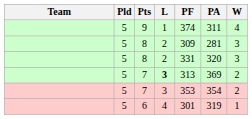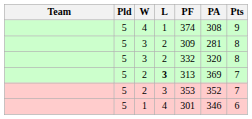 <table class="wikitable" style="text-align:center;">
 <tr>
 <th width=170>Team</th>
 <th width=25>Pld</th>
-<th width=25>Pts</th>
+<th width=25>W</th>
 <th width=25>L</th>
 <th width=35>PF</th>
 <th width=35>PA</th>
-<th width=25>W</th>
+<th width=25>Pts</th>
 </tr>
 <tr bgcolor=#ccffcc>
 <td align="left"></td>
 <td>5</td>
-<td>9</td>
+<td>4</td>
 <td>1</td>
 <td>374</td>
-<td>311</td>
-<td>4</td>
+<td>308</td>
+<td>9</td>
 </tr>
 <tr bgcolor=#ccffcc>
 <td align="left"></td>
 <td>5</td>
-<td>8</td>
+<td>3</td>
 <td>2</td>
 <td>309</td>
 <td>281</td>
-<td>3</td>
+<td>8</td>
 </tr>
 <tr bgcolor=#ccffcc>
 <td align="left"></td>
 <td>5</td>
+<td>3</td>
+<td>2</td>
+<td>332</td>
+<td>320</td>
 <td>8</td>
-<td>2</td>
-<td>331</td>
-<td>320</td>
-<td>3</td>
 </tr>
 <tr bgcolor=#ccffcc>
 <td align="left"></td>
 <td>5</td>
-<td>7</td>
+<td>2</td>
 <td><strong>3</strong></td>
 <td>313</td>
 <td>369</td>
-<td>2</td>
+<td>7</td>
 </tr>
 <tr bgcolor=#ffcccc>
 <td align="left"></td>
 <td>5</td>
-<td>7</td>
+<td>2</td>
 <td>3</td>
 <td>353</td>
-<td>354</td>
-<td>2</td>
+<td>352</td>
+<td>7</td>
 </tr>
 <tr bgcolor=#ffcccc>
 <td align="left"></td>
 <td>5</td>
-<td>6</td>
+<td>1</td>
 <td>4</td>
 <td>301</td>
-<td>319</td>
-<td>1</td>
+<td>346</td>
+<td>6</td>
 </tr>
 </table>
